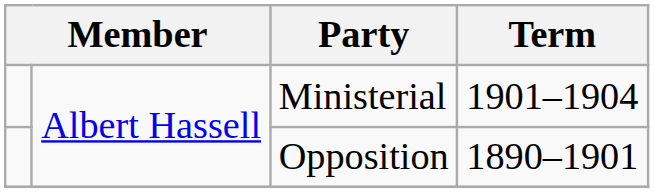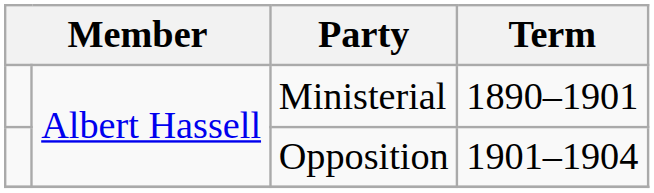 <table class="wikitable">
 <tr>
 <th colspan="2">Member</th>
 <th>Party</th>
 <th>Term</th>
 </tr>
 <tr>
 <td> </td>
 <td rowspan="2"><a href='#'>Albert Hassell</a></td>
 <td>Ministerial</td>
-<td>1901–1904</td>
+<td>1890–1901</td>
 </tr>
 <tr>
 <td> </td>
 <td>Opposition</td>
-<td>1890–1901</td>
+<td>1901–1904</td>
 </tr>
 <tr>
 </tr>
 </table>
